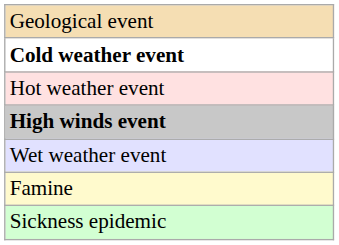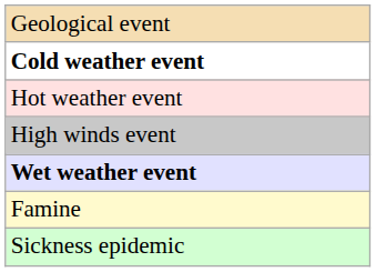 <table class="wikitable" style="margin: 0 0 0.5em 1em; padding: 0.5em; border: 1px solid #ddb; width: 250px;">
 <tr>
 <td style="background: rgb(245,222,179)">Geological event</td>
 </tr>
 <tr>
 <td style="background: rgb(255,255,255)"><strong>Cold weather event</strong></td>
 </tr>
 <tr>
 <td style="background: rgb(255,225,225)">Hot weather event</td>
 </tr>
 <tr>
-<td style="background: rgb(200,200,200)"><strong>High winds event</strong></td>
+<td style="background: rgb(200,200,200)">High winds event</td>
 </tr>
 <tr>
-<td style="background: rgb(225,225,255)">Wet weather event</td>
+<td style="background: rgb(225,225,255)"><strong>Wet weather event</strong></td>
 </tr>
 <tr>
 <td style="background: rgb(255,250,205)">Famine</td>
 </tr>
 <tr>
 <td style="background: rgb(210,255,210)">Sickness epidemic</td>
 </tr>
 </table>
